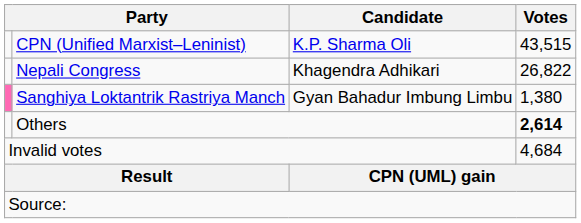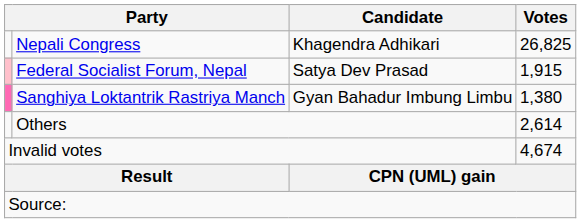 <table class="wikitable">
 <tr>
 <th colspan="2">Party</th>
 <th>Candidate</th>
 <th>Votes</th>
 </tr>
 <tr>
 <td style="background-color:"></td>
-<td><a href='#'>CPN (Unified Marxist–Leninist)</a></td>
-<td><a href='#'>K.P. Sharma Oli</a></td>
-<td>43,515</td>
+<td><a href='#'>Nepali Congress</a></td>
+<td>Khagendra Adhikari</td>
+<td>26,825</td>
 </tr>
 <tr>
-<td style="background-color:"></td>
-<td><a href='#'>Nepali Congress</a></td>
-<td>Khagendra Adhikari</td>
-<td>26,822</td>
+<td style="background-color:pink"></td>
+<td><a href='#'>Federal Socialist Forum, Nepal</a></td>
+<td>Satya Dev Prasad</td>
+<td>1,915</td>
 </tr>
 <tr>
 <td style="background-color:hotpink"></td>
 <td><a href='#'>Sanghiya Loktantrik Rastriya Manch</a></td>
 <td>Gyan Bahadur Imbung Limbu</td>
 <td>1,380</td>
 </tr>
 <tr>
 <td></td>
 <td colspan="2">Others</td>
-<td><strong>2,614</strong></td>
+<td>2,614</td>
 </tr>
 <tr>
 <td colspan="3">Invalid votes</td>
-<td>4,684</td>
+<td>4,674</td>
 </tr>
 <tr>
 <th colspan="2">Result</th>
 <th colspan="2">CPN (UML) gain</th>
 </tr>
 <tr>
 <td colspan="4">Source: </td>
 </tr>
 </table>
